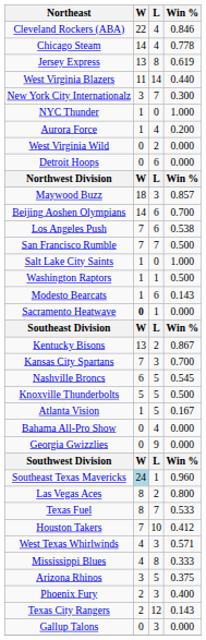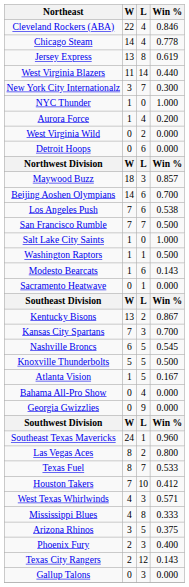 <table class="wikitable">
 <tr>
 <th bgcolor="#DDDDFF">Northeast</th>
 <th bgcolor="#DDDDFF">W</th>
 <th bgcolor="#DDDDFF">L</th>
 <th bgcolor="#DDDDFF">Win %</th>
 </tr>
 <tr>
 <td align=center><a href='#'>Cleveland Rockers (ABA)</a></td>
 <td align=center>22</td>
 <td align=center>4</td>
 <td align=center>0.846</td>
 </tr>
 <tr>
 <td align=center><a href='#'>Chicago Steam</a></td>
 <td align=center>14</td>
 <td align=center>4</td>
 <td align=center>0.778</td>
 </tr>
 <tr>
 <td align=center><a href='#'>Jersey Express</a></td>
 <td align=center>13</td>
 <td align=center>8</td>
 <td align=center>0.619</td>
 </tr>
 <tr>
 <td align=center><a href='#'>West Virginia Blazers</a></td>
 <td align=center>11</td>
 <td align=center>14</td>
 <td align=center>0.440</td>
 </tr>
 <tr>
 <td align=center><a href='#'>New York City Internationalz</a></td>
 <td align=center>3</td>
 <td align=center>7</td>
 <td align=center>0.300</td>
 </tr>
 <tr>
 <td align=center><a href='#'>NYC Thunder</a></td>
 <td align=center>1</td>
 <td align=center>0</td>
 <td align=center>1.000</td>
 </tr>
 <tr>
 <td align=center><a href='#'>Aurora Force</a></td>
 <td align=center>1</td>
 <td align=center>4</td>
 <td align=center>0.200</td>
 </tr>
 <tr>
 <td align=center><a href='#'>West Virginia Wild</a></td>
 <td align=center>0</td>
 <td align=center>2</td>
 <td align=center>0.000</td>
 </tr>
 <tr>
 <td align=center><a href='#'>Detroit Hoops</a></td>
 <td align=center>0</td>
 <td align=center>6</td>
 <td align=center>0.000</td>
 </tr>
 <tr>
 <th bgcolor="#DDDDFF">Northwest Division</th>
 <th bgcolor="#DDDDFF">W</th>
 <th bgcolor="#DDDDFF">L</th>
 <th bgcolor="#DDDDFF">Win %</th>
 </tr>
 <tr>
 <td align=center><a href='#'>Maywood Buzz</a></td>
 <td align=center>18</td>
 <td align=center>3</td>
 <td align=center>0.857</td>
 </tr>
 <tr>
 <td align=center><a href='#'>Beijing Aoshen Olympians</a></td>
 <td align=center>14</td>
 <td align=center>6</td>
 <td align=center>0.700</td>
 </tr>
 <tr>
 <td align=center><a href='#'>Los Angeles Push</a></td>
 <td align=center>7</td>
 <td align=center>6</td>
 <td align=center>0.538</td>
 </tr>
 <tr>
 <td align=center><a href='#'>San Francisco Rumble</a></td>
 <td align=center>7</td>
 <td align=center>7</td>
 <td align=center>0.500</td>
 </tr>
 <tr>
 <td align=center><a href='#'>Salt Lake City Saints</a></td>
 <td align=center>1</td>
 <td align=center>0</td>
 <td align=center>1.000</td>
 </tr>
 <tr>
 <td align=center><a href='#'>Washington Raptors</a></td>
 <td align=center>1</td>
 <td align=center>1</td>
 <td align=center>0.500</td>
 </tr>
 <tr>
 <td align=center><a href='#'>Modesto Bearcats</a></td>
 <td align=center>1</td>
 <td align=center>6</td>
 <td align=center>0.143</td>
 </tr>
 <tr>
 <td align=center><a href='#'>Sacramento Heatwave</a></td>
-<td align=center><strong>0</strong></td>
+<td align=center>0</td>
 <td align=center>1</td>
 <td align=center>0.000</td>
 </tr>
 <tr>
 <th bgcolor="#DDDDFF">Southeast Division</th>
 <th bgcolor="#DDDDFF">W</th>
 <th bgcolor="#DDDDFF">L</th>
 <th bgcolor="#DDDDFF">Win %</th>
 </tr>
 <tr>
 <td align=center><a href='#'>Kentucky Bisons</a></td>
 <td align=center>13</td>
 <td align=center>2</td>
 <td align=center>0.867</td>
 </tr>
 <tr>
 <td align=center><a href='#'>Kansas City Spartans</a></td>
 <td align=center>7</td>
 <td align=center>3</td>
 <td align=center>0.700</td>
 </tr>
 <tr>
 <td align=center><a href='#'>Nashville Broncs</a></td>
 <td align=center>6</td>
 <td align=center>5</td>
 <td align=center>0.545</td>
 </tr>
 <tr>
 <td align=center><a href='#'>Knoxville Thunderbolts</a></td>
 <td align=center>5</td>
 <td align=center>5</td>
 <td align=center>0.500</td>
 </tr>
 <tr>
 <td align=center><a href='#'>Atlanta Vision</a></td>
 <td align=center>1</td>
 <td align=center>5</td>
 <td align=center>0.167</td>
 </tr>
 <tr>
 <td align=center><a href='#'>Bahama All-Pro Show</a></td>
 <td align=center>0</td>
 <td align=center>4</td>
 <td align=center>0.000</td>
 </tr>
 <tr>
 <td align=center><a href='#'>Georgia Gwizzlies</a></td>
 <td align=center>0</td>
 <td align=center>9</td>
 <td align=center>0.000</td>
 </tr>
 <tr>
 <th bgcolor="#DDDDFF">Southwest Division</th>
 <th bgcolor="#DDDDFF">W</th>
 <th bgcolor="#DDDDFF">L</th>
 <th bgcolor="#DDDDFF">Win %</th>
 </tr>
 <tr>
 <td align=center><a href='#'>Southeast Texas Mavericks</a></td>
-<td align=center style="background: lightblue;">24</td>
+<td align=center>24</td>
 <td align=center>1</td>
 <td align=center>0.960</td>
 </tr>
 <tr>
 <td align=center><a href='#'>Las Vegas Aces</a></td>
 <td align=center>8</td>
 <td align=center>2</td>
 <td align=center>0.800</td>
 </tr>
 <tr>
 <td align=center><a href='#'>Texas Fuel</a></td>
 <td align=center>8</td>
 <td align=center>7</td>
 <td align=center>0.533</td>
 </tr>
 <tr>
 <td align=center><a href='#'>Houston Takers</a></td>
 <td align=center>7</td>
 <td align=center>10</td>
 <td align=center>0.412</td>
 </tr>
 <tr>
 <td align=center><a href='#'>West Texas Whirlwinds</a></td>
 <td align=center>4</td>
 <td align=center>3</td>
 <td align=center>0.571</td>
 </tr>
 <tr>
 <td align=center><a href='#'>Mississippi Blues</a></td>
 <td align=center>4</td>
 <td align=center>8</td>
 <td align=center>0.333</td>
 </tr>
 <tr>
 <td align=center><a href='#'>Arizona Rhinos</a></td>
 <td align=center>3</td>
 <td align=center>5</td>
 <td align=center>0.375</td>
 </tr>
 <tr>
 <td align=center><a href='#'>Phoenix Fury</a></td>
 <td align=center>2</td>
 <td align=center>3</td>
 <td align=center>0.400</td>
 </tr>
 <tr>
 <td align=center><a href='#'>Texas City Rangers</a></td>
 <td align=center>2</td>
 <td align=center>12</td>
 <td align=center>0.143</td>
 </tr>
 <tr>
 <td align=center><a href='#'>Gallup Talons</a></td>
 <td align=center>0</td>
 <td align=center>3</td>
 <td align=center>0.000</td>
 </tr>
 <tr>
 </tr>
 </table>
